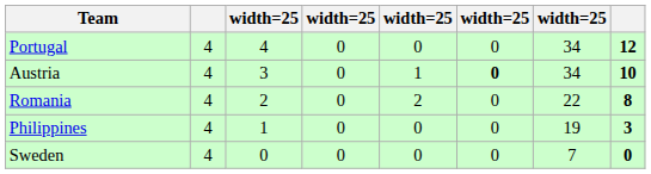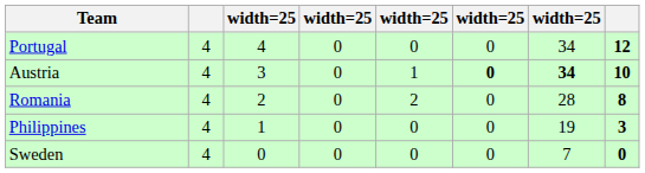 <table class="wikitable sortable" style="text-align: center; ">
 <tr>
 <th width=165>Team</th>
 <th width=25></th>
 <th>width=25</th>
 <th>width=25</th>
 <th>width=25</th>
 <th>width=25</th>
 <th>width=25</th>
 <th width=25></th>
 </tr>
 <tr style="background:#ccffcc;">
 <td style="text-align:left;"> <a href='#'>Portugal</a></td>
 <td>4</td>
 <td>4</td>
 <td>0</td>
 <td>0</td>
 <td>0</td>
 <td>34</td>
 <td><strong>12</strong></td>
 </tr>
 <tr style="background:#ccffcc;">
 <td style="text-align:left;"> Austria</td>
 <td>4</td>
 <td>3</td>
 <td>0</td>
 <td>1</td>
 <td><strong>0</strong></td>
-<td>34</td>
+<td><strong>34</strong></td>
 <td><strong>10</strong></td>
 </tr>
 <tr style="background:#ccffcc;">
 <td style="text-align:left;"> <a href='#'>Romania</a></td>
 <td>4</td>
 <td>2</td>
 <td>0</td>
 <td>2</td>
 <td>0</td>
-<td>22</td>
+<td>28</td>
 <td><strong>8</strong></td>
 </tr>
 <tr style="background:#ccffcc;">
 <td style="text-align:left;"> <a href='#'>Philippines</a></td>
 <td>4</td>
 <td>1</td>
 <td>0</td>
 <td>0</td>
 <td>0</td>
 <td>19</td>
 <td><strong>3</strong></td>
 </tr>
 <tr style="background:#ccffcc;">
 <td style="text-align:left;"> Sweden</td>
 <td>4</td>
 <td>0</td>
 <td>0</td>
 <td>0</td>
 <td>0</td>
 <td>7</td>
 <td><strong>0</strong></td>
 </tr>
 </table>
